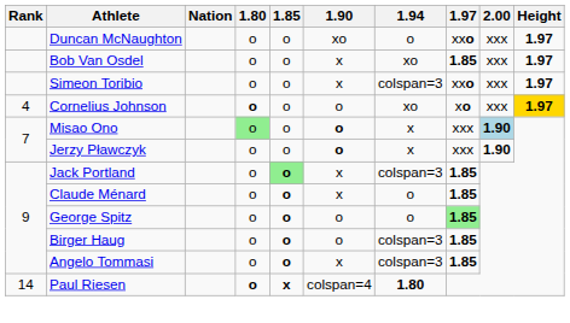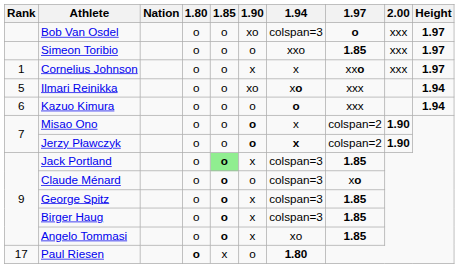 <table class="wikitable sortable" style="text-align:center">
 <tr>
 <th>Rank</th>
 <th>Athlete</th>
 <th>Nation</th>
 <th>1.80</th>
 <th>1.85</th>
 <th>1.90</th>
 <th>1.94</th>
 <th>1.97</th>
 <th>2.00</th>
 <th>Height</th>
 </tr>
 <tr>
 <td></td>
-<td align=left><a href='#'>Duncan McNaughton</a></td>
+<td align=left><a href='#'>Bob Van Osdel</a></td>
 <td align=left></td>
 <td>o</td>
 <td>o</td>
 <td>xo</td>
-<td>o</td>
-<td>xx<strong>o</strong></td>
-<td>xxx</td>
-<td><strong>1.97</strong></td>
-</tr>
-<tr>
-<td></td>
-<td align=left><a href='#'>Bob Van Osdel</a></td>
-<td align=left></td>
-<td>o</td>
-<td>o</td>
-<td>x</td>
-<td>xo</td>
-<td><strong>1.85</strong></td>
+<td>colspan=3 </td>
+<td><strong>o</strong></td>
 <td>xxx</td>
 <td><strong>1.97</strong></td>
 </tr>
 <tr>
 <td></td>
 <td align=left><a href='#'>Simeon Toribio</a></td>
 <td align=left></td>
 <td>o</td>
 <td>o</td>
+<td>o</td>
+<td>xxo</td>
+<td><strong>1.85</strong></td>
+<td>xxx</td>
+<td><strong>1.97</strong></td>
+</tr>
+<tr>
+<td>1</td>
+<td align=left><a href='#'>Cornelius Johnson</a></td>
+<td align=left></td>
+<td>o</td>
+<td>o</td>
 <td>x</td>
-<td>colspan=3 </td>
+<td>x</td>
 <td>xx<strong>o</strong></td>
 <td>xxx</td>
 <td><strong>1.97</strong></td>
 </tr>
 <tr>
-<td>4</td>
-<td align=left><a href='#'>Cornelius Johnson</a></td>
+<td>5</td>
+<td align=left><a href='#'>Ilmari Reinikka</a></td>
 <td align=left></td>
-<td><strong>o</strong></td>
 <td>o</td>
 <td>o</td>
 <td>xo</td>
 <td>x<strong>o</strong></td>
 <td>xxx</td>
-<td style="background: gold;"><strong>1.97</strong></td>
+<td></td>
+<td><strong>1.94</strong></td>
+</tr>
+<tr>
+<td>6</td>
+<td align=left><a href='#'>Kazuo Kimura</a></td>
+<td align=left></td>
+<td>o</td>
+<td>o</td>
+<td>o</td>
+<td><strong>o</strong></td>
+<td>xxx</td>
+<td></td>
+<td><strong>1.94</strong></td>
 </tr>
 <tr>
 <td rowspan=2>7</td>
 <td align=left><a href='#'>Misao Ono</a></td>
 <td align=left></td>
-<td style="background: lightgreen;">o</td>
+<td>o</td>
 <td>o</td>
 <td><strong>o</strong></td>
 <td>x</td>
-<td>xxx</td>
-<td style="background: lightblue;"><strong>1.90</strong></td>
+<td>colspan=2 </td>
+<td><strong>1.90</strong></td>
 </tr>
 <tr>
 <td align=left><a href='#'>Jerzy Pławczyk</a></td>
 <td align=left></td>
 <td>o</td>
 <td>o</td>
 <td><strong>o</strong></td>
-<td>x</td>
-<td>xxx</td>
+<td><strong>x</strong></td>
+<td>colspan=2 </td>
 <td><strong>1.90</strong></td>
 </tr>
 <tr>
 <td rowspan=5>9</td>
 <td align=left><a href='#'>Jack Portland</a></td>
 <td align=left></td>
 <td>o</td>
 <td style="background: lightgreen;"><strong>o</strong></td>
 <td>x</td>
 <td>colspan=3 </td>
 <td><strong>1.85</strong></td>
 </tr>
 <tr>
 <td align=left><a href='#'>Claude Ménard</a></td>
 <td align=left></td>
 <td>o</td>
 <td><strong>o</strong></td>
-<td>x</td>
 <td>o</td>
-<td><strong>1.85</strong></td>
+<td>colspan=3 </td>
+<td>x<strong>o</strong></td>
 </tr>
 <tr>
 <td align=left><a href='#'>George Spitz</a></td>
 <td align=left></td>
 <td>o</td>
 <td><strong>o</strong></td>
-<td>o</td>
-<td>o</td>
-<td style="background: lightgreen;"><strong>1.85</strong></td>
+<td>x</td>
+<td>colspan=3 </td>
+<td><strong>1.85</strong></td>
 </tr>
 <tr>
 <td align=left><a href='#'>Birger Haug</a></td>
 <td align=left></td>
 <td>o</td>
 <td><strong>o</strong></td>
-<td>o</td>
+<td>x</td>
 <td>colspan=3 </td>
 <td><strong>1.85</strong></td>
 </tr>
 <tr>
 <td align=left><a href='#'>Angelo Tommasi</a></td>
 <td align=left></td>
 <td>o</td>
 <td><strong>o</strong></td>
 <td>x</td>
-<td>colspan=3 </td>
+<td>xo</td>
 <td><strong>1.85</strong></td>
 </tr>
 <tr>
-<td>14</td>
+<td>17</td>
 <td align=left><a href='#'>Paul Riesen</a></td>
 <td align=left></td>
 <td><strong>o</strong></td>
-<td><strong>x</strong></td>
-<td>colspan=4 </td>
+<td>x</td>
+<td>o</td>
 <td><strong>1.80</strong></td>
 </tr>
 </table>
